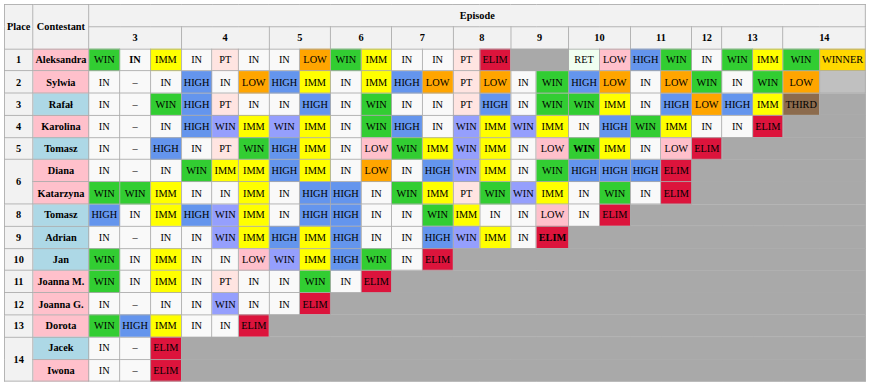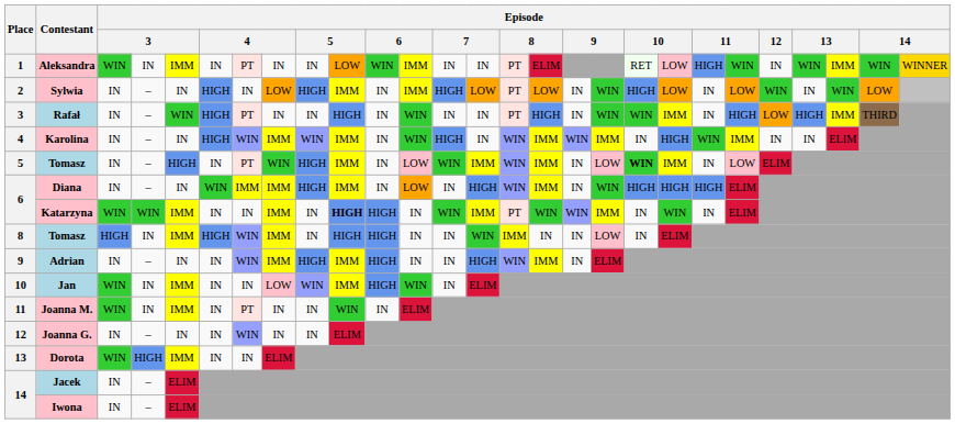 <table class="wikitable" style="text-align: center; font-size: 9pt; line-height:20px;">
 <tr>
 <th rowspan="2">Place</th>
 <th rowspan="2">Contestant</th>
 <th colspan="25">Episode</th>
 </tr>
 <tr>
 <th colspan="3">3</th>
 <th colspan="3">4</th>
 <th colspan="2">5</th>
 <th colspan="2">6</th>
 <th colspan="2">7</th>
 <th colspan="2">8</th>
 <th colspan="2">9</th>
 <th colspan="2">10</th>
 <th colspan="2">11</th>
 <th colspan="1">12</th>
 <th colspan="2">13</th>
 <th colspan="2">14</th>
 </tr>
 <tr>
 <th>1</th>
 <th style="background:pink">Aleksandra</th>
 <td bgcolor=limegreen>WIN</td>
-<td><strong>IN</strong></td>
+<td>IN</td>
 <td bgcolor=yellow>IMM</td>
 <td>IN</td>
 <td bgcolor=mistyrose>PT</td>
 <td>IN</td>
 <td>IN</td>
 <td bgcolor=orange>LOW</td>
 <td bgcolor=limegreen>WIN</td>
 <td bgcolor=yellow>IMM</td>
 <td>IN</td>
 <td>IN</td>
 <td bgcolor=mistyrose>PT</td>
 <td bgcolor=crimson>ELIM</td>
 <td colspan="2" bgcolor=darkgrey></td>
 <td style="background:honeydew">RET</td>
 <td bgcolor=pink>LOW</td>
 <td bgcolor=cornflowerblue>HIGH</td>
 <td bgcolor=limegreen>WIN</td>
 <td>IN</td>
 <td bgcolor=limegreen>WIN</td>
 <td bgcolor=yellow>IMM</td>
 <td bgcolor=limegreen>WIN</td>
 <td bgcolor=gold>WINNER</td>
 </tr>
 <tr>
 <th>2</th>
 <th style="background:pink">Sylwia</th>
 <td>IN</td>
 <td>–</td>
 <td>IN</td>
 <td bgcolor=cornflowerblue>HIGH</td>
 <td>IN</td>
 <td bgcolor=orange>LOW</td>
 <td bgcolor=cornflowerblue>HIGH</td>
 <td bgcolor=yellow>IMM</td>
 <td>IN</td>
 <td bgcolor=yellow>IMM</td>
 <td bgcolor=cornflowerblue>HIGH</td>
 <td bgcolor=orange>LOW</td>
 <td bgcolor=mistyrose>PT</td>
 <td bgcolor=orange>LOW</td>
 <td>IN</td>
 <td bgcolor=limegreen>WIN</td>
 <td bgcolor=cornflowerblue>HIGH</td>
 <td bgcolor=orange>LOW</td>
 <td>IN</td>
 <td bgcolor=orange>LOW</td>
 <td bgcolor=limegreen>WIN</td>
 <td>IN</td>
 <td bgcolor=limegreen>WIN</td>
 <td bgcolor=orange>LOW</td>
 <td bgcolor=silver></td>
 </tr>
 <tr>
 <th>3</th>
 <th style="background:lightblue">Rafał</th>
 <td>IN</td>
 <td>–</td>
 <td bgcolor=limegreen>WIN</td>
 <td bgcolor=cornflowerblue>HIGH</td>
 <td bgcolor=mistyrose>PT</td>
 <td>IN</td>
 <td>IN</td>
 <td bgcolor=cornflowerblue>HIGH</td>
 <td>IN</td>
 <td bgcolor=limegreen>WIN</td>
 <td>IN</td>
 <td>IN</td>
 <td bgcolor=mistyrose>PT</td>
 <td bgcolor=cornflowerblue>HIGH</td>
 <td>IN</td>
 <td bgcolor=limegreen>WIN</td>
 <td bgcolor=limegreen>WIN</td>
 <td bgcolor=yellow>IMM</td>
 <td>IN</td>
 <td bgcolor=cornflowerblue>HIGH</td>
 <td bgcolor=orange>LOW</td>
 <td bgcolor=cornflowerblue>HIGH</td>
 <td bgcolor=yellow>IMM</td>
 <td bgcolor=#8c6b4d>THIRD</td>
 <td bgcolor="darkgrey"></td>
 </tr>
 <tr>
 <th>4</th>
 <th style="background:pink">Karolina</th>
 <td>IN</td>
 <td>–</td>
 <td>IN</td>
 <td bgcolor=cornflowerblue>HIGH</td>
 <td bgcolor=#959FFD>WIN</td>
 <td bgcolor=yellow>IMM</td>
 <td bgcolor=#959FFD>WIN</td>
 <td bgcolor=yellow>IMM</td>
 <td>IN</td>
 <td bgcolor=limegreen>WIN</td>
 <td bgcolor=cornflowerblue>HIGH</td>
 <td>IN</td>
 <td bgcolor=#959FFD>WIN</td>
 <td bgcolor=yellow>IMM</td>
 <td bgcolor=#959FFD>WIN</td>
 <td bgcolor=yellow>IMM</td>
 <td>IN</td>
 <td bgcolor=cornflowerblue>HIGH</td>
 <td bgcolor=limegreen>WIN</td>
 <td bgcolor=yellow>IMM</td>
 <td>IN</td>
 <td>IN</td>
 <td bgcolor=crimson>ELIM</td>
 <td colspan="2" bgcolor="darkgrey"></td>
 </tr>
 <tr>
 <th>5</th>
 <th style="background:lightblue">Tomasz</th>
 <td>IN</td>
 <td>–</td>
 <td bgcolor=cornflowerblue>HIGH</td>
 <td>IN</td>
 <td bgcolor=mistyrose>PT</td>
 <td bgcolor=limegreen>WIN</td>
 <td bgcolor=cornflowerblue>HIGH</td>
 <td bgcolor=yellow>IMM</td>
 <td>IN</td>
 <td bgcolor=pink>LOW</td>
 <td bgcolor=limegreen>WIN</td>
 <td bgcolor=yellow>IMM</td>
 <td bgcolor=#959FFD>WIN</td>
 <td bgcolor=yellow>IMM</td>
 <td>IN</td>
 <td bgcolor=pink>LOW</td>
 <td bgcolor=limegreen><strong>WIN</strong></td>
 <td bgcolor=yellow>IMM</td>
 <td>IN</td>
 <td bgcolor=pink>LOW</td>
 <td bgcolor=crimson>ELIM</td>
 <td colspan="4" bgcolor="darkgrey"></td>
 </tr>
 <tr>
 <th rowspan="2">6</th>
 <th style="background:pink">Diana</th>
 <td>IN</td>
 <td>–</td>
 <td>IN</td>
 <td bgcolor=limegreen>WIN</td>
 <td bgcolor=yellow>IMM</td>
 <td bgcolor=yellow>IMM</td>
 <td bgcolor=cornflowerblue>HIGH</td>
 <td bgcolor=yellow>IMM</td>
 <td>IN</td>
 <td bgcolor=orange>LOW</td>
 <td>IN</td>
 <td bgcolor=cornflowerblue>HIGH</td>
 <td bgcolor=#959FFD>WIN</td>
 <td bgcolor=yellow>IMM</td>
 <td>IN</td>
 <td bgcolor=limegreen>WIN</td>
 <td bgcolor=cornflowerblue>HIGH</td>
 <td bgcolor=cornflowerblue>HIGH</td>
 <td bgcolor=cornflowerblue>HIGH</td>
 <td bgcolor=crimson>ELIM</td>
 <td colspan="5" bgcolor="darkgrey"></td>
 </tr>
 <tr>
 <th style="background:pink">Katarzyna</th>
 <td bgcolor=limegreen>WIN</td>
 <td bgcolor=limegreen>WIN</td>
 <td bgcolor=yellow>IMM</td>
 <td>IN</td>
 <td>IN</td>
 <td bgcolor=yellow>IMM</td>
 <td>IN</td>
-<td bgcolor=cornflowerblue>HIGH</td>
+<td bgcolor=cornflowerblue><strong>HIGH</strong></td>
 <td bgcolor=cornflowerblue>HIGH</td>
 <td>IN</td>
 <td bgcolor=limegreen>WIN</td>
 <td bgcolor=yellow>IMM</td>
 <td bgcolor=mistyrose>PT</td>
 <td bgcolor=limegreen>WIN</td>
 <td bgcolor=#959FFD>WIN</td>
 <td bgcolor=yellow>IMM</td>
 <td>IN</td>
 <td bgcolor=limegreen>WIN</td>
 <td>IN</td>
 <td bgcolor=crimson>ELIM</td>
 <td colspan="5" bgcolor="darkgrey"></td>
 </tr>
 <tr>
 <th>8</th>
 <th style="background:lightblue">Tomasz</th>
 <td bgcolor=cornflowerblue>HIGH</td>
 <td>IN</td>
 <td bgcolor=yellow>IMM</td>
 <td bgcolor=cornflowerblue>HIGH</td>
 <td bgcolor=#959FFD>WIN</td>
 <td bgcolor=yellow>IMM</td>
 <td>IN</td>
 <td bgcolor=cornflowerblue>HIGH</td>
 <td bgcolor=cornflowerblue>HIGH</td>
 <td>IN</td>
 <td>IN</td>
 <td bgcolor=limegreen>WIN</td>
 <td bgcolor=yellow>IMM</td>
 <td>IN</td>
 <td>IN</td>
 <td bgcolor=pink>LOW</td>
 <td>IN</td>
 <td bgcolor=crimson>ELIM</td>
 <td colspan="7" bgcolor="darkgrey"></td>
 </tr>
 <tr>
 <th>9</th>
 <th style="background:lightblue">Adrian</th>
 <td>IN</td>
 <td>–</td>
 <td>IN</td>
 <td>IN</td>
 <td bgcolor=#959FFD>WIN</td>
 <td bgcolor=yellow>IMM</td>
 <td bgcolor=cornflowerblue>HIGH</td>
 <td bgcolor=yellow>IMM</td>
 <td bgcolor=cornflowerblue>HIGH</td>
 <td>IN</td>
 <td>IN</td>
 <td bgcolor=cornflowerblue>HIGH</td>
 <td bgcolor=#959FFD>WIN</td>
 <td bgcolor=yellow>IMM</td>
 <td>IN</td>
-<td bgcolor=crimson><strong>ELIM</strong></td>
+<td bgcolor=crimson>ELIM</td>
 <td colspan="9" bgcolor="darkgrey"></td>
 </tr>
 <tr>
 <th>10</th>
 <th style="background:lightblue">Jan</th>
 <td bgcolor=limegreen>WIN</td>
 <td>IN</td>
 <td bgcolor=yellow>IMM</td>
 <td>IN</td>
 <td>IN</td>
 <td bgcolor=pink>LOW</td>
 <td bgcolor=#959FFD>WIN</td>
 <td bgcolor=yellow>IMM</td>
 <td bgcolor=cornflowerblue>HIGH</td>
 <td bgcolor=limegreen>WIN</td>
 <td>IN</td>
 <td bgcolor=crimson>ELIM</td>
 <td colspan="13" bgcolor="darkgrey"></td>
 </tr>
 <tr>
 <th>11</th>
 <th style="background:pink">Joanna M.</th>
 <td bgcolor=limegreen>WIN</td>
 <td>IN</td>
 <td bgcolor=yellow>IMM</td>
 <td>IN</td>
 <td bgcolor=mistyrose>PT</td>
 <td>IN</td>
 <td>IN</td>
 <td bgcolor=limegreen>WIN</td>
 <td>IN</td>
 <td bgcolor=crimson>ELIM</td>
 <td colspan="15" bgcolor="darkgrey"></td>
 </tr>
 <tr>
 <th>12</th>
 <th style="background:pink">Joanna G.</th>
 <td>IN</td>
 <td>–</td>
 <td>IN</td>
 <td>IN</td>
 <td bgcolor=#959FFD>WIN</td>
 <td>IN</td>
 <td>IN</td>
 <td bgcolor=crimson>ELIM</td>
 <td colspan="17" bgcolor="darkgrey"></td>
 </tr>
 <tr>
 <th>13</th>
 <th style="background:pink">Dorota</th>
 <td bgcolor=limegreen>WIN</td>
 <td bgcolor=cornflowerblue>HIGH</td>
 <td bgcolor=yellow>IMM</td>
 <td>IN</td>
 <td>IN</td>
 <td bgcolor=crimson>ELIM</td>
 <td colspan="19" bgcolor="darkgrey"></td>
 </tr>
 <tr>
 <th rowspan="2">14</th>
 <th style="background:lightblue">Jacek</th>
 <td>IN</td>
 <td>–</td>
 <td bgcolor=crimson>ELIM</td>
 <td colspan="22" bgcolor=darkgrey></td>
 </tr>
 <tr>
 <th style="background:pink">Iwona</th>
 <td>IN</td>
 <td>–</td>
 <td bgcolor=crimson>ELIM</td>
 <td colspan="22" bgcolor=darkgrey></td>
 </tr>
 </table>
